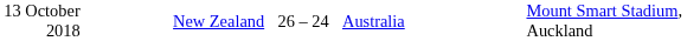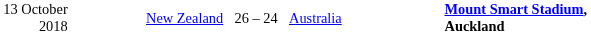 <table style="width:100%;" cellspacing="1">
 <tr>
 <th width=15%></th>
 <th width=25%></th>
 <th width=10%></th>
 <th width=25%></th>
 </tr>
 <tr style=font-size:90%>
 <td align=right>13 October 2018</td>
 <td style="text-align:right;"><a href='#'>New Zealand</a> </td>
 <td align=center>26 – 24</td>
 <td> <a href='#'>Australia</a></td>
-<td><a href='#'>Mount Smart Stadium</a>, Auckland</td>
+<td><strong><a href='#'>Mount Smart Stadium</a>, Auckland</strong></td>
 </tr>
 </table>
